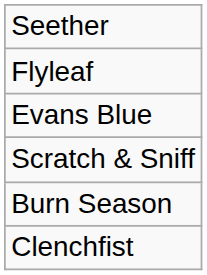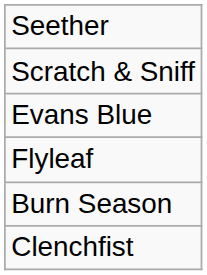 <table class="wikitable">
 <tr>
 <td>Seether</td>
 </tr>
 <tr>
-<td>Flyleaf</td>
+<td>Scratch & Sniff</td>
 </tr>
 <tr>
 <td>Evans Blue</td>
 </tr>
 <tr>
-<td>Scratch & Sniff</td>
+<td>Flyleaf</td>
 </tr>
 <tr>
 <td>Burn Season</td>
 </tr>
 <tr>
 <td>Clenchfist</td>
 </tr>
 </table>
